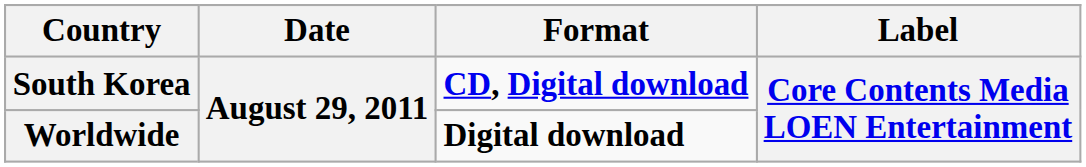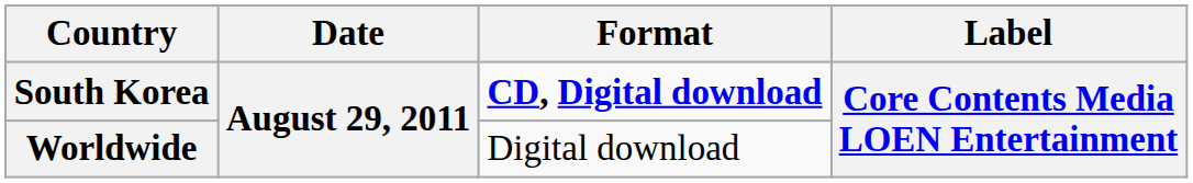 <table class="wikitable plainrowheaders">
 <tr>
 <th scope="col">Country</th>
 <th>Date</th>
 <th>Format</th>
 <th>Label</th>
 </tr>
 <tr>
 <th scope="row" rowspan="1">South Korea</th>
 <th scope="row" rowspan="2">August 29, 2011</th>
 <td><strong><a href='#'>CD</a>, <a href='#'>Digital download</a></strong></td>
 <th scope="row" rowspan="2"><a href='#'>Core Contents Media</a><br><a href='#'>LOEN Entertainment</a></th>
 </tr>
 <tr>
 <th scope="row" rowspan="1">Worldwide</th>
-<td><strong>Digital download</strong></td>
+<td>Digital download</td>
 </tr>
 </table>
